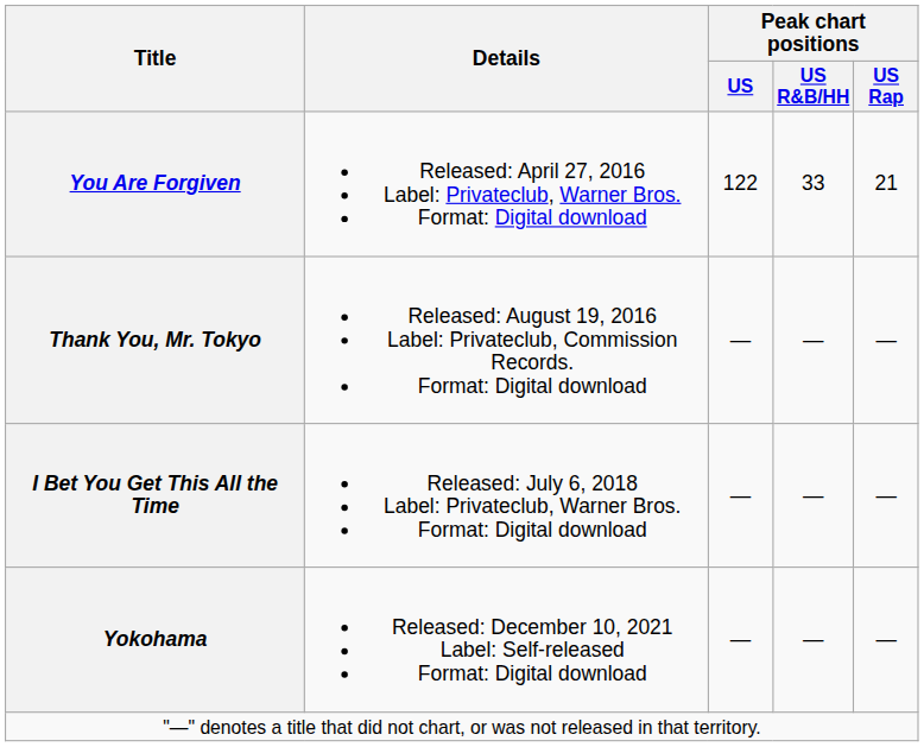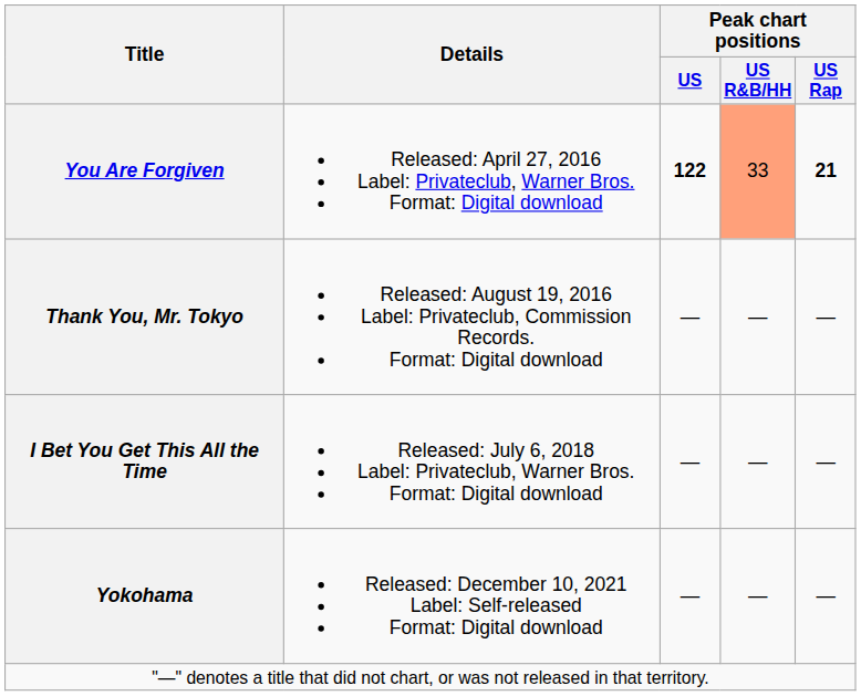 <table class="wikitable plainrowheaders" style="text-align:center;">
 <tr>
 <th scope="col" rowspan=2 style="width:14em;">Title</th>
 <th scope="col" rowspan=2 style="width:19em;">Details</th>
 <th scope="col" colspan=3>Peak chart positions</th>
 </tr>
 <tr>
 <th scope="col" style="width:3em;font-size:90%;"><a href='#'>US</a><br></th>
 <th scope="col" style="width:3em;font-size:90%;"><a href='#'>US R&B/HH</a><br></th>
 <th scope="col" style="width:3em;font-size:90%;"><a href='#'>US Rap</a><br></th>
 </tr>
 <tr>
 <th scope="row"><em><a href='#'>You Are Forgiven</a></em></th>
 <td><br><ul><li>Released: April 27, 2016</li><li>Label: <a href='#'>Privateclub</a>, <a href='#'>Warner Bros.</a></li><li>Format: <a href='#'>Digital download</a></li></ul></td>
-<td>122</td>
-<td>33</td>
-<td>21</td>
+<td><strong>122</strong></td>
+<td style="background: lightsalmon;">33</td>
+<td><strong>21</strong></td>
 </tr>
 <tr>
 <th scope="row"><em>Thank You, Mr. Tokyo</em></th>
 <td><br><ul><li>Released: August 19, 2016</li><li>Label: Privateclub, Commission Records.</li><li>Format: Digital download</li></ul></td>
 <td>—</td>
 <td>—</td>
 <td>—</td>
 </tr>
 <tr>
 <th scope="row"><em>I Bet You Get This All the Time</em><br></th>
 <td><br><ul><li>Released: July 6, 2018</li><li>Label: Privateclub, Warner Bros.</li><li>Format: Digital download</li></ul></td>
 <td>—</td>
 <td>—</td>
 <td>—</td>
 </tr>
 <tr>
 <th scope="row"><em>Yokohama</em><br></th>
 <td><br><ul><li>Released: December 10, 2021</li><li>Label: Self-released</li><li>Format: Digital download</li></ul></td>
 <td>—</td>
 <td>—</td>
 <td>—</td>
 </tr>
 <tr>
 <td colspan="5" style="font-size:90%">"—" denotes a title that did not chart, or was not released in that territory.</td>
 </tr>
 </table>
